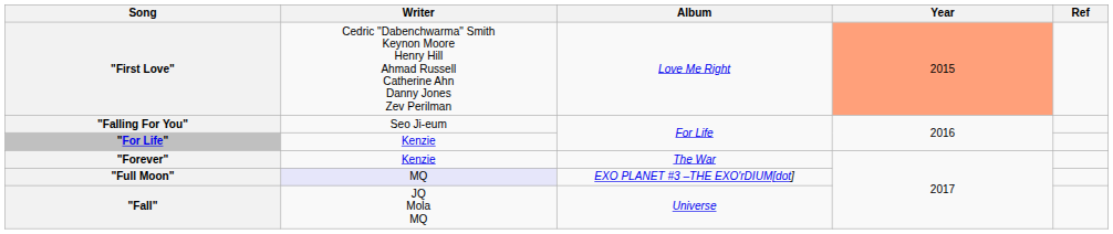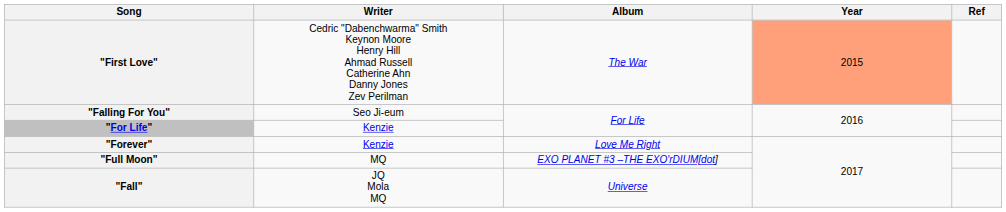 <table class="wikitable" style="text-align:center; width:100%">
 <tr>
 <th style="width:25%">Song</th>
 <th style="width:25%">Writer</th>
 <th style="width:25%">Album</th>
 <th style="width:20%">Year</th>
 <th style="width:5%">Ref</th>
 </tr>
 <tr>
 <th scope="row">"First Love"</th>
 <td>Cedric "Dabenchwarma" Smith<br> Keynon Moore<br> Henry Hill<br> Ahmad Russell<br> Catherine Ahn<br> Danny Jones<br> Zev Perilman</td>
-<td><em><a href='#'>Love Me Right</a></em></td>
+<td><em><a href='#'>The War</a></em></td>
 <td style="background: lightsalmon;">2015</td>
 <td></td>
 </tr>
 <tr>
 <th scope="row">"Falling For You"</th>
 <td>Seo Ji-eum</td>
 <td rowspan="2"><a href='#'><em>For Life</em></a></td>
 <td rowspan="2">2016</td>
 <td></td>
 </tr>
 <tr>
 <th scope=row style="background-color:#C0C0C0">"<a href='#'>For Life</a>" </th>
 <td><a href='#'>Kenzie</a></td>
 <td></td>
 </tr>
 <tr>
 <th scope=row>"Forever"</th>
 <td><a href='#'>Kenzie</a></td>
-<td><em><a href='#'>The War</a></em></td>
+<td><em><a href='#'>Love Me Right</a></em></td>
 <td rowspan="3">2017</td>
 <td></td>
 </tr>
 <tr>
 <th scope="row">"Full Moon"</th>
-<td style="background: lavender;">MQ</td>
+<td>MQ</td>
 <td><em><a href='#'>EXO PLANET #3 –THE EXO'rDIUM[dot</a>]</em></td>
 <td></td>
 </tr>
 <tr>
 <th scope="row">"Fall"</th>
 <td>JQ<br>Mola<br>MQ</td>
 <td><em><a href='#'>Universe</a></em></td>
 <td></td>
 </tr>
 </table>
